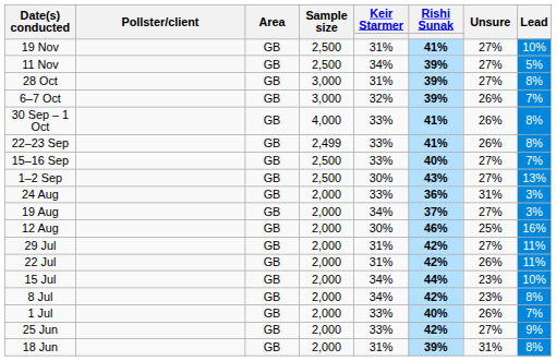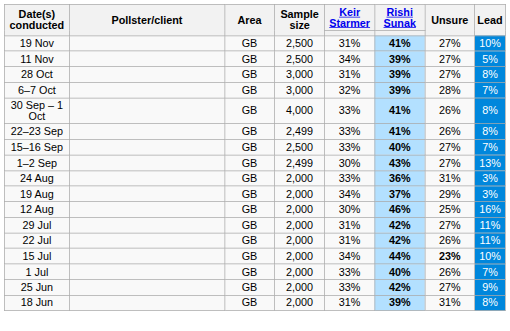 <table class="wikitable collapsible sortable mw-datatable" style="text-align:center;font-size:90%;line-height:14px">
 <tr>
 <th style="width:80px;" rowspan="2" class="unsortable">Date(s)<br>conducted</th>
 <th style="width:200px;" rowspan="2">Pollster/client</th>
 <th style="width:60px;" rowspan="2">Area</th>
 <th style="width:60px;" rowspan="2">Sample size</th>
 <th style="width:60px;" class="unsortable"><a href='#'>Keir Starmer</a></th>
 <th style="width:60px;" class="unsortable"><a href='#'>Rishi Sunak</a></th>
 <th style="width:60px;" rowspan="2" class="unsortable">Unsure</th>
 <th class="unsortable" style="width:20px;" rowspan="2">Lead</th>
 </tr>
 <tr>
 <th class="unsortable" style="color:inherit;background:"></th>
 <th class="unsortable" style="color:inherit;background:"></th>
 </tr>
 <tr>
 <td>19 Nov</td>
 <td></td>
 <td>GB</td>
 <td>2,500</td>
 <td>31%</td>
 <td style="background:#B3E0FF"><strong>41%</strong></td>
 <td>27%</td>
 <td style="background:#0087DC; color:white;">10%</td>
 </tr>
 <tr>
 <td>11 Nov</td>
 <td></td>
 <td>GB</td>
 <td>2,500</td>
 <td>34%</td>
 <td style="background:#B3E0FF"><strong>39%</strong></td>
 <td>27%</td>
 <td style="background:#0087DC; color:white;">5%</td>
 </tr>
 <tr>
 <td>28 Oct</td>
 <td></td>
 <td>GB</td>
 <td>3,000</td>
 <td>31%</td>
 <td style="background:#B3E0FF"><strong>39%</strong></td>
 <td>27%</td>
 <td style="background:#0087DC; color:white;">8%</td>
 </tr>
 <tr>
 <td>6–7 Oct</td>
 <td></td>
 <td>GB</td>
 <td>3,000</td>
 <td>32%</td>
 <td style="background:#B3E0FF"><strong>39%</strong></td>
-<td>26%</td>
+<td>28%</td>
 <td style="background:#0087DC; color:white;">7%</td>
 </tr>
 <tr>
 <td>30 Sep – 1 Oct</td>
 <td></td>
 <td>GB</td>
 <td>4,000</td>
 <td>33%</td>
 <td style="background:#B3E0FF"><strong>41%</strong></td>
 <td>26%</td>
 <td style="background:#0087DC; color:white;">8%</td>
 </tr>
 <tr>
 <td>22–23 Sep</td>
 <td></td>
 <td>GB</td>
 <td>2,499</td>
 <td>33%</td>
 <td style="background:#B3E0FF"><strong>41%</strong></td>
 <td>26%</td>
 <td style="background:#0087DC; color:white;">8%</td>
 </tr>
 <tr>
 <td>15–16 Sep</td>
 <td></td>
 <td>GB</td>
 <td>2,500</td>
 <td>33%</td>
 <td style="background:#B3E0FF"><strong>40%</strong></td>
 <td>27%</td>
 <td style="background:#0087DC; color:white;">7%</td>
 </tr>
 <tr>
 <td>1–2 Sep</td>
 <td></td>
 <td>GB</td>
-<td>2,500</td>
+<td>2,499</td>
 <td>30%</td>
 <td style="background:#B3E0FF"><strong>43%</strong></td>
 <td>27%</td>
 <td style="background:#0087DC; color:white;">13%</td>
 </tr>
 <tr>
 <td>24 Aug</td>
 <td></td>
 <td>GB</td>
 <td>2,000</td>
 <td>33%</td>
 <td style="background:#B3E0FF"><strong>36%</strong></td>
 <td>31%</td>
 <td style="background:#0087DC; color:white;">3%</td>
 </tr>
 <tr>
 <td>19 Aug</td>
 <td></td>
 <td>GB</td>
 <td>2,000</td>
 <td>34%</td>
 <td style="background:#B3E0FF"><strong>37%</strong></td>
-<td>27%</td>
+<td>29%</td>
 <td style="background:#0087DC; color:white;">3%</td>
 </tr>
 <tr>
 <td>12 Aug</td>
 <td></td>
 <td>GB</td>
 <td>2,000</td>
 <td>30%</td>
 <td style="background:#B3E0FF"><strong>46%</strong></td>
 <td>25%</td>
 <td style="background:#0087DC; color:white;">16%</td>
 </tr>
 <tr>
 <td>29 Jul</td>
 <td></td>
 <td>GB</td>
 <td>2,000</td>
 <td>31%</td>
 <td style="background:#B3E0FF"><strong>42%</strong></td>
 <td>27%</td>
 <td style="background:#0087DC; color:white;">11%</td>
 </tr>
 <tr>
 <td>22 Jul</td>
 <td></td>
 <td>GB</td>
 <td>2,000</td>
 <td>31%</td>
 <td style="background:#B3E0FF"><strong>42%</strong></td>
 <td>26%</td>
 <td style="background:#0087DC; color:white;">11%</td>
 </tr>
 <tr>
 <td>15 Jul</td>
 <td></td>
 <td>GB</td>
 <td>2,000</td>
 <td>34%</td>
 <td style="background:#B3E0FF"><strong>44%</strong></td>
-<td>23%</td>
+<td><strong>23%</strong></td>
 <td style="background:#0087DC; color:white;">10%</td>
-</tr>
-<tr>
-<td>8 Jul</td>
-<td></td>
-<td>GB</td>
-<td>2,000</td>
-<td>34%</td>
-<td style="background:#B3E0FF"><strong>42%</strong></td>
-<td>23%</td>
-<td style="background:#0087DC; color:white;">8%</td>
 </tr>
 <tr>
 <td>1 Jul</td>
 <td></td>
 <td>GB</td>
 <td>2,000</td>
 <td>33%</td>
 <td style="background:#B3E0FF"><strong>40%</strong></td>
 <td>26%</td>
 <td style="background:#0087DC; color:white;">7%</td>
 </tr>
 <tr>
 <td>25 Jun</td>
 <td></td>
 <td>GB</td>
 <td>2,000</td>
 <td>33%</td>
 <td style="background:#B3E0FF"><strong>42%</strong></td>
 <td>27%</td>
 <td style="background:#0087DC; color:white;">9%</td>
 </tr>
 <tr>
 <td>18 Jun</td>
 <td></td>
 <td>GB</td>
 <td>2,000</td>
 <td>31%</td>
 <td style="background:#B3E0FF"><strong>39%</strong></td>
 <td>31%</td>
 <td style="background:#0087DC; color:white;">8%</td>
 </tr>
 </table>
